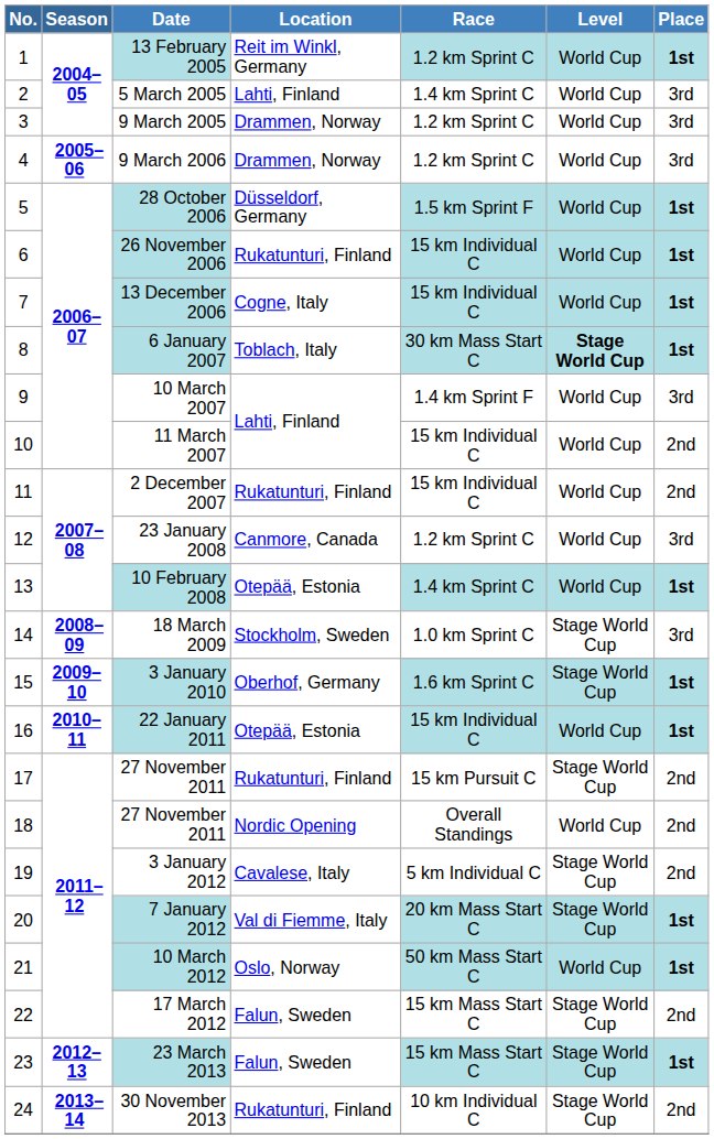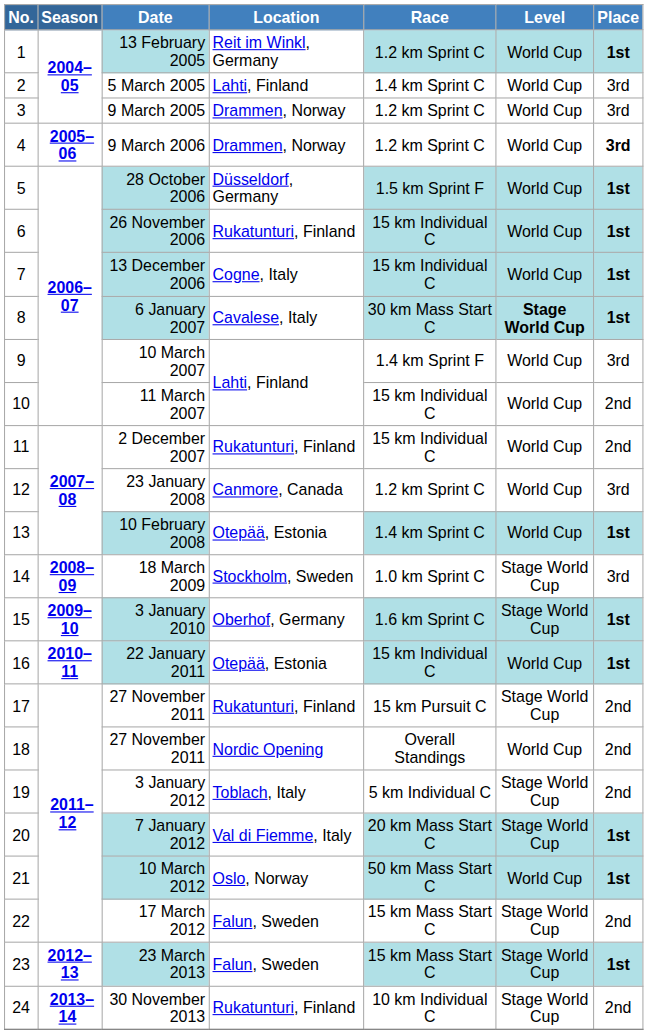 <table class="wikitable sortable" style="font-size:95%; text-align:center; border:grey solid 1px; border-collapse:collapse; background:#ffffff;">
 <tr style="background:#efefef;">
 <th style="background-color:#369; color:white;">No.</th>
 <th style="background-color:#369; color:white;">Season</th>
 <th style="background-color:#4180be; color:white; width:120px;">Date</th>
 <th style="background-color:#4180be; color:white; width:200px;">Location</th>
 <th style="background-color:#4180be; color:white; width:170px;">Race</th>
 <th style="background-color:#4180be; color:white; width:130px;">Level</th>
 <th style="background-color:#4180be; color:white;">Place</th>
 </tr>
 <tr>
 <td align=center>1</td>
 <td rowspan=3 align=center><strong><a href='#'>2004–05</a></strong></td>
 <td bgcolor="#BOEOE6" align=right>13 February 2005</td>
 <td align=left> <a href='#'>Reit im Winkl</a>, Germany</td>
 <td bgcolor="#BOEOE6">1.2 km Sprint C</td>
 <td bgcolor="#BOEOE6">World Cup</td>
 <td bgcolor="#BOEOE6"><strong>1st</strong></td>
 </tr>
 <tr>
 <td align=center>2</td>
 <td align=right>5 March 2005</td>
 <td align=left> <a href='#'>Lahti</a>, Finland</td>
 <td>1.4 km Sprint C</td>
 <td>World Cup</td>
 <td>3rd</td>
 </tr>
 <tr>
 <td align=center>3</td>
 <td align=right>9 March 2005</td>
 <td align=left> <a href='#'>Drammen</a>, Norway</td>
 <td>1.2 km Sprint C</td>
 <td>World Cup</td>
 <td>3rd</td>
 </tr>
 <tr>
 <td align=center>4</td>
 <td rowspan=1 align=center><strong> <a href='#'>2005–06</a> </strong></td>
 <td align=right>9 March 2006</td>
 <td align=left> <a href='#'>Drammen</a>, Norway</td>
 <td>1.2 km Sprint C</td>
 <td>World Cup</td>
-<td>3rd</td>
+<td><strong>3rd</strong></td>
 </tr>
 <tr>
 <td align=center>5</td>
 <td rowspan=6 align=center><strong><a href='#'>2006–07</a></strong></td>
 <td bgcolor="#BOEOE6" align=right>28 October 2006</td>
 <td align=left> <a href='#'>Düsseldorf</a>, Germany</td>
 <td bgcolor="#BOEOE6">1.5 km Sprint F</td>
 <td bgcolor="#BOEOE6">World Cup</td>
 <td bgcolor="#BOEOE6"><strong>1st</strong></td>
 </tr>
 <tr>
 <td align=center>6</td>
 <td bgcolor="#BOEOE6" align=right>26 November 2006</td>
 <td align=left> <a href='#'>Rukatunturi</a>, Finland</td>
 <td bgcolor="#BOEOE6">15 km Individual C</td>
 <td bgcolor="#BOEOE6">World Cup</td>
 <td bgcolor="#BOEOE6"><strong>1st</strong></td>
 </tr>
 <tr>
 <td align=center>7</td>
 <td bgcolor="#BOEOE6" align=right>13 December 2006</td>
 <td align=left> <a href='#'>Cogne</a>, Italy</td>
 <td bgcolor="#BOEOE6">15 km Individual C</td>
 <td bgcolor="#BOEOE6">World Cup</td>
 <td bgcolor="#BOEOE6"><strong>1st</strong></td>
 </tr>
 <tr>
 <td align=center>8</td>
 <td bgcolor="#BOEOE6" align=right>6 January 2007</td>
-<td align=left> <a href='#'>Toblach</a>, Italy</td>
+<td align=left> <a href='#'>Cavalese</a>, Italy</td>
 <td bgcolor="#BOEOE6">30 km Mass Start C</td>
 <td bgcolor="#BOEOE6"><strong>Stage World Cup</strong></td>
 <td bgcolor="#BOEOE6"><strong>1st</strong></td>
 </tr>
 <tr>
 <td align=center>9</td>
 <td align=right>10 March 2007</td>
 <td rowspan=2 align=left> <a href='#'>Lahti</a>, Finland</td>
 <td>1.4 km Sprint F</td>
 <td>World Cup</td>
 <td>3rd</td>
 </tr>
 <tr>
 <td align=center>10</td>
 <td align=right>11 March 2007</td>
 <td>15 km Individual C</td>
 <td>World Cup</td>
 <td>2nd</td>
 </tr>
 <tr>
 <td align=center>11</td>
 <td rowspan=3 align=center><strong> <a href='#'>2007–08</a> </strong></td>
 <td align=right>2 December 2007</td>
 <td align=left> <a href='#'>Rukatunturi</a>, Finland</td>
 <td>15 km Individual C</td>
 <td>World Cup</td>
 <td>2nd</td>
 </tr>
 <tr>
 <td align=center>12</td>
 <td align=right>23 January 2008</td>
 <td align=left> <a href='#'>Canmore</a>, Canada</td>
 <td>1.2 km Sprint C</td>
 <td>World Cup</td>
 <td>3rd</td>
 </tr>
 <tr>
 <td align=center>13</td>
 <td bgcolor="#BOEOE6" align=right>10 February 2008</td>
 <td align=left> <a href='#'>Otepää</a>, Estonia</td>
 <td bgcolor="#BOEOE6">1.4 km Sprint C</td>
 <td bgcolor="#BOEOE6">World Cup</td>
 <td bgcolor="#BOEOE6"><strong>1st</strong></td>
 </tr>
 <tr>
 <td align=center>14</td>
 <td rowspan=1 align=center><strong> <a href='#'>2008–09</a> </strong></td>
 <td align=right>18 March 2009</td>
 <td align=left> <a href='#'>Stockholm</a>, Sweden</td>
 <td>1.0 km Sprint C</td>
 <td>Stage World Cup</td>
 <td>3rd</td>
 </tr>
 <tr>
 <td align=center>15</td>
 <td rowspan=1 align=center><strong><a href='#'>2009–10</a></strong></td>
 <td bgcolor="#BOEOE6" align=right>3 January 2010</td>
 <td align=left> <a href='#'>Oberhof</a>, Germany</td>
 <td bgcolor="#BOEOE6">1.6 km Sprint C</td>
 <td bgcolor="#BOEOE6">Stage World Cup</td>
 <td bgcolor="#BOEOE6"><strong>1st</strong></td>
 </tr>
 <tr>
 <td align=center>16</td>
 <td rowspan=1 align=center><strong><a href='#'>2010–11</a></strong></td>
 <td bgcolor="#BOEOE6" align=right>22 January 2011</td>
 <td align=left> <a href='#'>Otepää</a>, Estonia</td>
 <td bgcolor="#BOEOE6">15 km Individual C</td>
 <td bgcolor="#BOEOE6">World Cup</td>
 <td bgcolor="#BOEOE6"><strong>1st</strong></td>
 </tr>
 <tr>
 <td align=center>17</td>
 <td rowspan=6 align=center><strong> <a href='#'>2011–12</a> </strong></td>
 <td align=right>27 November 2011</td>
 <td align=left> <a href='#'>Rukatunturi</a>, Finland</td>
 <td>15 km Pursuit C</td>
 <td>Stage World Cup</td>
 <td>2nd</td>
 </tr>
 <tr>
 <td align=center>18</td>
 <td align=right>27 November 2011</td>
 <td align=left> <a href='#'>Nordic Opening</a></td>
 <td>Overall Standings</td>
 <td>World Cup</td>
 <td>2nd</td>
 </tr>
 <tr>
 <td align=center>19</td>
 <td align=right>3 January 2012</td>
-<td align=left> <a href='#'>Cavalese</a>, Italy</td>
+<td align=left> <a href='#'>Toblach</a>, Italy</td>
 <td>5 km Individual C</td>
 <td>Stage World Cup</td>
 <td>2nd</td>
 </tr>
 <tr>
 <td align=center>20</td>
 <td bgcolor="#BOEOE6" align=right>7 January 2012</td>
 <td align=left> <a href='#'>Val di Fiemme</a>, Italy</td>
 <td bgcolor="#BOEOE6">20 km Mass Start C</td>
 <td bgcolor="#BOEOE6">Stage World Cup</td>
 <td bgcolor="#BOEOE6"><strong>1st</strong></td>
 </tr>
 <tr>
 <td align=center>21</td>
 <td bgcolor="#BOEOE6" align=right>10 March 2012</td>
 <td align=left> <a href='#'>Oslo</a>, Norway</td>
 <td bgcolor="#BOEOE6">50 km Mass Start C</td>
 <td bgcolor="#BOEOE6">World Cup</td>
 <td bgcolor="#BOEOE6"><strong>1st</strong></td>
 </tr>
 <tr>
 <td align=center>22</td>
 <td align=right>17 March 2012</td>
 <td align=left> <a href='#'>Falun</a>, Sweden</td>
 <td>15 km Mass Start C</td>
 <td>Stage World Cup</td>
 <td>2nd</td>
 </tr>
 <tr>
 <td align=center>23</td>
 <td rowspan=1 align=center><strong><a href='#'>2012–13</a></strong></td>
 <td bgcolor="#BOEOE6" align=right>23 March 2013</td>
 <td align=left> <a href='#'>Falun</a>, Sweden</td>
 <td bgcolor="#BOEOE6">15 km Mass Start C</td>
 <td bgcolor="#BOEOE6">Stage World Cup</td>
 <td bgcolor="#BOEOE6"><strong>1st</strong></td>
 </tr>
 <tr>
 <td align=center>24</td>
 <td rowspan=1 align=center><strong> <a href='#'>2013–14</a> </strong></td>
 <td align=right>30 November 2013</td>
 <td align=left> <a href='#'>Rukatunturi</a>, Finland</td>
 <td>10 km Individual C</td>
 <td>Stage World Cup</td>
 <td>2nd</td>
 </tr>
 <tr>
 </tr>
 </table>
